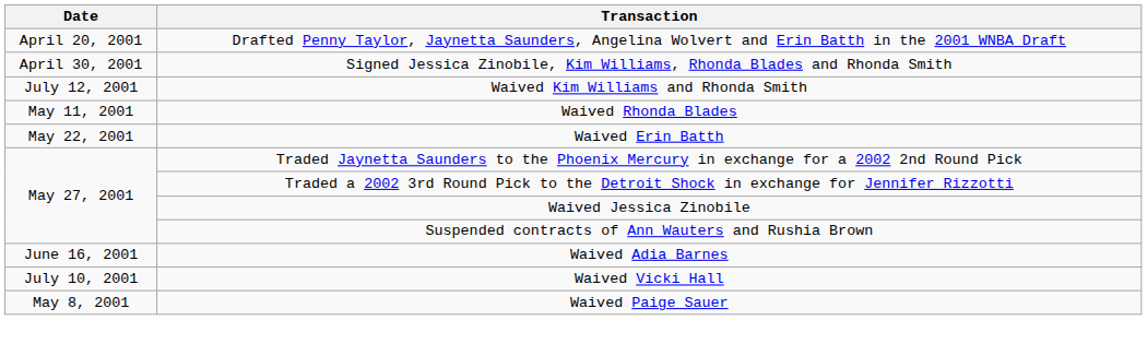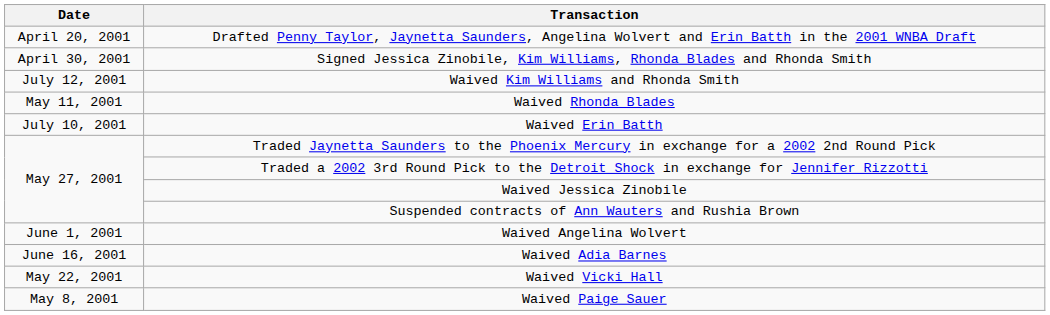 <table class="wikitable" style="width:80%; text-align: center;">
 <tr>
 <th>Date</th>
 <th>Transaction</th>
 </tr>
 <tr>
 <td>April 20, 2001</td>
 <td>Drafted <a href='#'>Penny Taylor</a>, <a href='#'>Jaynetta Saunders</a>, Angelina Wolvert and <a href='#'>Erin Batth</a> in the <a href='#'>2001 WNBA Draft</a></td>
 </tr>
 <tr>
 <td>April 30, 2001</td>
 <td>Signed Jessica Zinobile, <a href='#'>Kim Williams</a>, <a href='#'>Rhonda Blades</a> and Rhonda Smith</td>
 </tr>
 <tr>
 <td>July 12, 2001</td>
 <td>Waived <a href='#'>Kim Williams</a> and Rhonda Smith</td>
 </tr>
 <tr>
 <td>May 11, 2001</td>
 <td>Waived <a href='#'>Rhonda Blades</a></td>
 </tr>
 <tr>
-<td>May 22, 2001</td>
+<td>July 10, 2001</td>
 <td>Waived <a href='#'>Erin Batth</a></td>
 </tr>
 <tr>
 <td rowspan="4">May 27, 2001</td>
 <td>Traded <a href='#'>Jaynetta Saunders</a> to the <a href='#'>Phoenix Mercury</a> in exchange for a <a href='#'>2002</a> 2nd Round Pick</td>
 </tr>
 <tr>
 <td>Traded a <a href='#'>2002</a> 3rd Round Pick to the <a href='#'>Detroit Shock</a> in exchange for <a href='#'>Jennifer Rizzotti</a></td>
 </tr>
 <tr>
 <td>Waived Jessica Zinobile</td>
 </tr>
 <tr>
 <td>Suspended contracts of <a href='#'>Ann Wauters</a> and Rushia Brown</td>
 </tr>
 <tr>
+<td>June 1, 2001</td>
+<td>Waived Angelina Wolvert</td>
+</tr>
+<tr>
 <td>June 16, 2001</td>
 <td>Waived <a href='#'>Adia Barnes</a></td>
 </tr>
 <tr>
-<td>July 10, 2001</td>
+<td>May 22, 2001</td>
 <td>Waived <a href='#'>Vicki Hall</a></td>
 </tr>
 <tr>
 <td>May 8, 2001</td>
 <td>Waived <a href='#'>Paige Sauer</a></td>
 </tr>
 </table>
